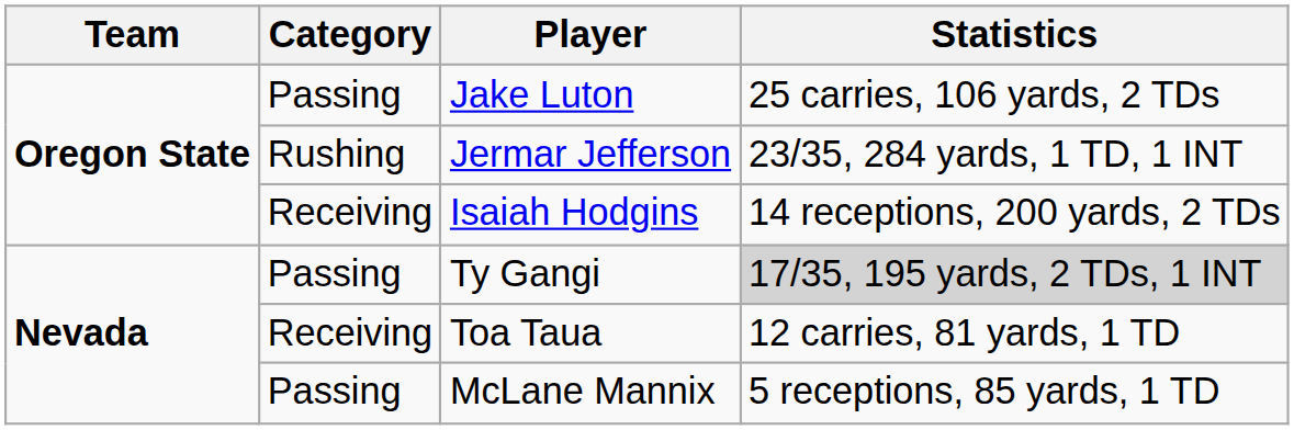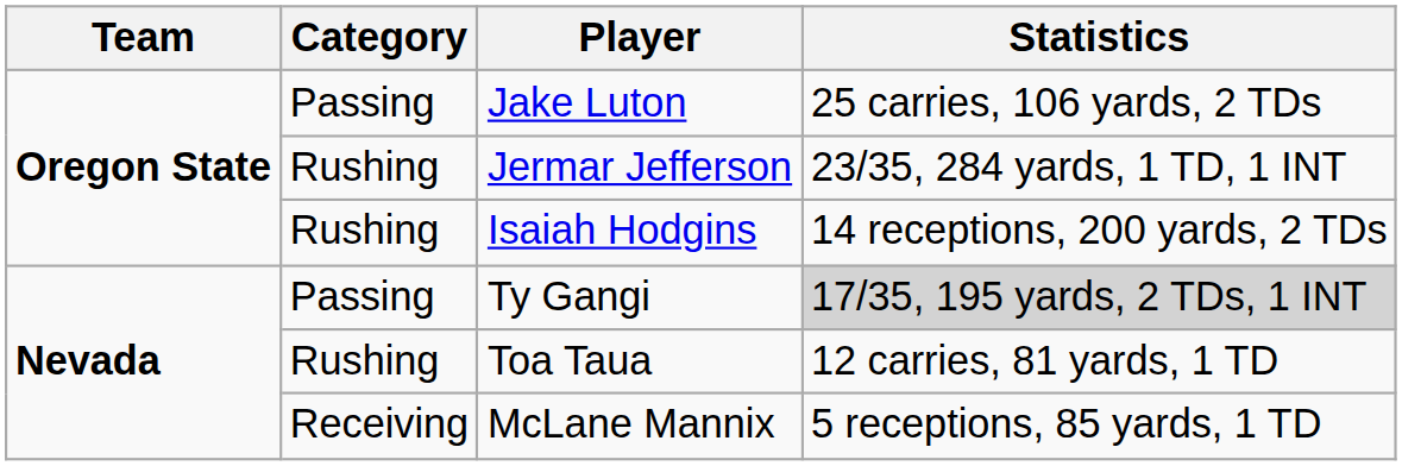 <table class="wikitable" style="float: left;">
 <tr>
 <th>Team</th>
 <th>Category</th>
 <th>Player</th>
 <th>Statistics</th>
 </tr>
 <tr>
 <td rowspan=3><strong>Oregon State</strong></td>
 <td>Passing</td>
 <td><a href='#'>Jake Luton</a></td>
 <td>25 carries, 106 yards, 2 TDs</td>
 </tr>
 <tr>
 <td>Rushing</td>
 <td><a href='#'>Jermar Jefferson</a></td>
 <td>23/35, 284 yards, 1 TD, 1 INT</td>
 </tr>
 <tr>
-<td>Receiving</td>
+<td>Rushing</td>
 <td><a href='#'>Isaiah Hodgins</a></td>
 <td>14 receptions, 200 yards, 2 TDs</td>
 </tr>
 <tr>
 <td rowspan=3><strong>Nevada</strong></td>
 <td>Passing</td>
 <td>Ty Gangi</td>
 <td style="background: lightgrey;">17/35, 195 yards, 2 TDs, 1 INT</td>
 </tr>
 <tr>
-<td>Receiving</td>
+<td>Rushing</td>
 <td>Toa Taua</td>
 <td>12 carries, 81 yards, 1 TD</td>
 </tr>
 <tr>
-<td>Passing</td>
+<td>Receiving</td>
 <td>McLane Mannix</td>
 <td>5 receptions, 85 yards, 1 TD</td>
 </tr>
 </table>
